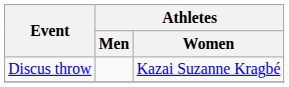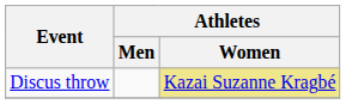 <table class=wikitable style="font-size:90%">
 <tr>
 <th rowspan=2>Event</th>
 <th colspan=2>Athletes</th>
 </tr>
 <tr>
 <th>Men</th>
 <th>Women</th>
 </tr>
 <tr>
 <td><a href='#'>Discus throw</a></td>
 <td></td>
-<td><a href='#'>Kazai Suzanne Kragbé</a></td>
+<td style="background: khaki;"><a href='#'>Kazai Suzanne Kragbé</a></td>
 </tr>
 <tr>
 </tr>
 </table>
